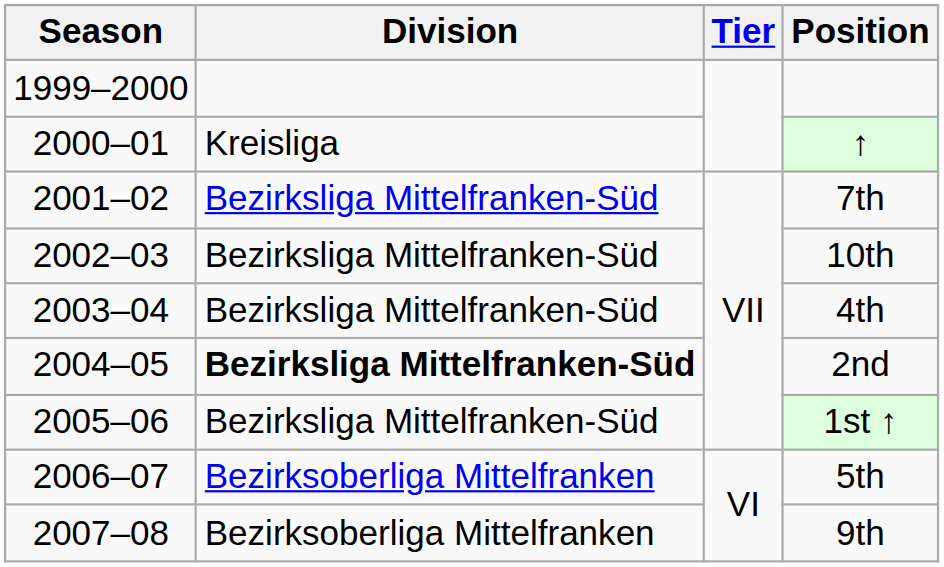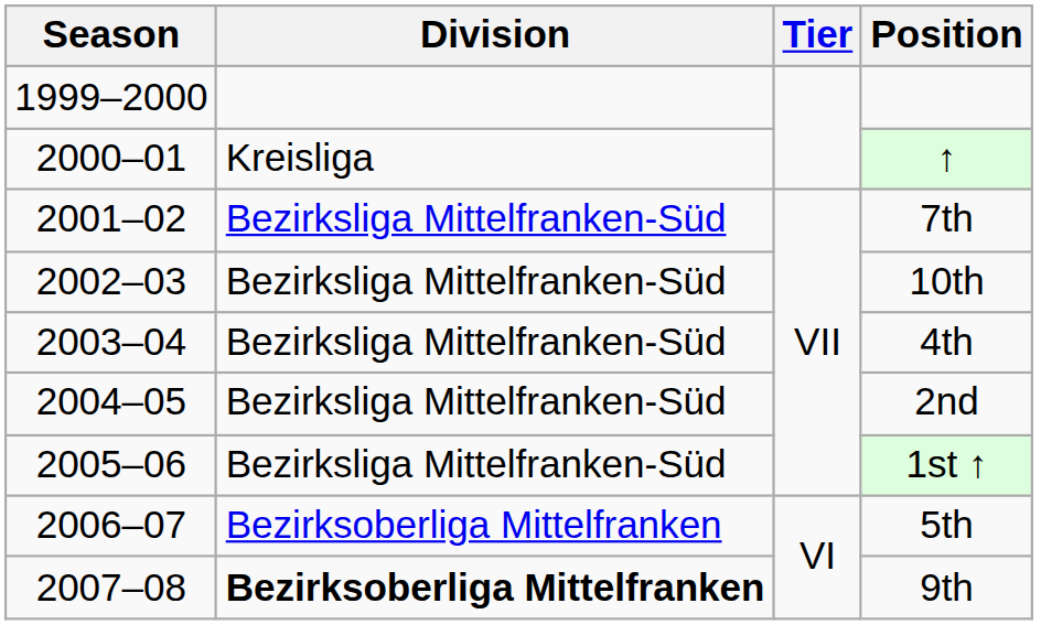 <table class="wikitable">
 <tr>
 <th>Season</th>
 <th>Division</th>
 <th><a href='#'>Tier</a></th>
 <th>Position</th>
 </tr>
 <tr align="center">
 <td>1999–2000</td>
 <td align="left"></td>
 <td rowspan=2></td>
 <td></td>
 </tr>
 <tr align="center">
 <td>2000–01</td>
 <td align="left">Kreisliga</td>
 <td bgcolor="#ddffdd">↑</td>
 </tr>
 <tr align="center">
 <td>2001–02</td>
 <td align="left"><a href='#'>Bezirksliga Mittelfranken-Süd</a></td>
 <td rowspan=5>VII</td>
 <td>7th</td>
 </tr>
 <tr align="center">
 <td>2002–03</td>
 <td align="left">Bezirksliga Mittelfranken-Süd</td>
 <td>10th</td>
 </tr>
 <tr align="center">
 <td>2003–04</td>
 <td align="left">Bezirksliga Mittelfranken-Süd</td>
 <td>4th</td>
 </tr>
 <tr align="center">
 <td>2004–05</td>
-<td align="left"><strong>Bezirksliga Mittelfranken-Süd</strong></td>
+<td align="left">Bezirksliga Mittelfranken-Süd</td>
 <td>2nd</td>
 </tr>
 <tr align="center">
 <td>2005–06</td>
 <td align="left">Bezirksliga Mittelfranken-Süd</td>
 <td bgcolor="#ddffdd">1st ↑</td>
 </tr>
 <tr align="center">
 <td>2006–07</td>
 <td align="left"><a href='#'>Bezirksoberliga Mittelfranken</a></td>
 <td rowspan=2>VI</td>
 <td>5th</td>
 </tr>
 <tr align="center">
 <td>2007–08</td>
-<td align="left">Bezirksoberliga Mittelfranken</td>
+<td align="left"><strong>Bezirksoberliga Mittelfranken</strong></td>
 <td>9th</td>
 </tr>
 </table>
